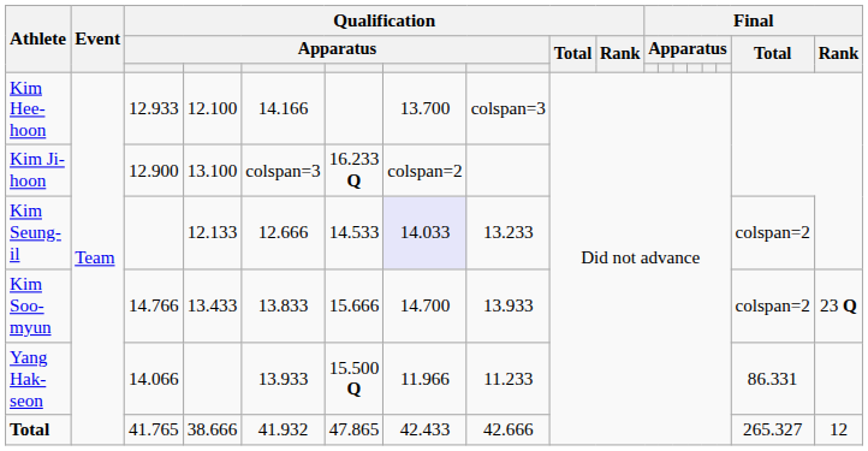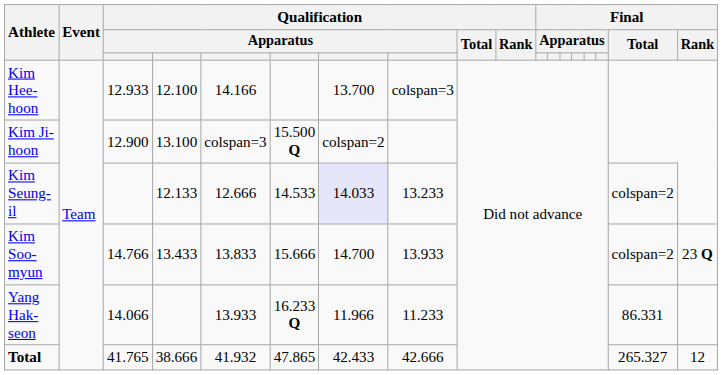 <table class="wikitable" style="font-size:90%">
 <tr>
 <th rowspan=3>Athlete</th>
 <th rowspan=3>Event</th>
 <th colspan =8>Qualification</th>
 <th colspan =8>Final</th>
 </tr>
 <tr style="font-size:95%">
 <th colspan=6>Apparatus</th>
 <th rowspan=2>Total</th>
 <th rowspan=2>Rank</th>
 <th colspan=6>Apparatus</th>
 <th rowspan=2>Total</th>
 <th rowspan=2>Rank</th>
 </tr>
 <tr style="font-size:95%">
 <th></th>
 <th></th>
 <th></th>
 <th></th>
 <th></th>
 <th></th>
 <th></th>
 <th></th>
 <th></th>
 <th></th>
 <th></th>
 <th></th>
 </tr>
 <tr align=center>
 <td align=left><a href='#'>Kim Hee-hoon</a></td>
 <td align=left rowspan=6><a href='#'>Team</a></td>
 <td>12.933</td>
 <td>12.100</td>
 <td>14.166</td>
 <td></td>
 <td>13.700</td>
 <td>colspan=3 </td>
 <td align=center colspan=8 rowspan=6>Did not advance</td>
 </tr>
 <tr align=center>
 <td align=left><a href='#'>Kim Ji-hoon</a></td>
 <td>12.900</td>
 <td>13.100</td>
 <td>colspan=3 </td>
-<td>16.233 <strong>Q</strong></td>
+<td>15.500 <strong>Q</strong></td>
 <td>colspan=2 </td>
 </tr>
 <tr align=center>
 <td align=left><a href='#'>Kim Seung-il</a></td>
 <td></td>
 <td>12.133</td>
 <td>12.666</td>
 <td>14.533</td>
 <td style="background: lavender;">14.033</td>
 <td>13.233</td>
 <td>colspan=2 </td>
 </tr>
 <tr align=center>
 <td align=left><a href='#'>Kim Soo-myun</a></td>
 <td>14.766</td>
 <td>13.433</td>
 <td>13.833</td>
 <td>15.666</td>
 <td>14.700</td>
 <td>13.933</td>
 <td>colspan=2 </td>
 <td>23 <strong>Q</strong></td>
 </tr>
 <tr align=center>
 <td align=left><a href='#'>Yang Hak-seon</a></td>
 <td>14.066</td>
 <td></td>
 <td>13.933</td>
-<td>15.500 <strong>Q</strong></td>
+<td>16.233 <strong>Q</strong></td>
 <td>11.966</td>
 <td>11.233</td>
 <td>86.331</td>
 </tr>
 <tr align=center>
 <td align=left><strong>Total</strong></td>
 <td>41.765</td>
 <td>38.666</td>
 <td>41.932</td>
 <td>47.865</td>
 <td>42.433</td>
 <td>42.666</td>
 <td>265.327</td>
 <td>12</td>
 </tr>
 </table>
